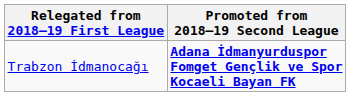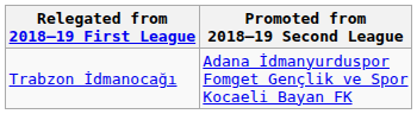 <table class="wikitable">
 <tr>
 <th>Relegated from<br><a href='#'>2018–19 First League</a></th>
 <th>Promoted from<br>2018–19 Second League</th>
 </tr>
 <tr>
 <td><a href='#'>Trabzon İdmanocağı</a></td>
-<td><strong><a href='#'>Adana İdmanyurduspor</a><br><a href='#'>Fomget Gençlik ve Spor</a><br><a href='#'>Kocaeli Bayan FK</a></strong></td>
+<td><a href='#'>Adana İdmanyurduspor</a><br><a href='#'>Fomget Gençlik ve Spor</a><br><a href='#'>Kocaeli Bayan FK</a></td>
 </tr>
 </table>
